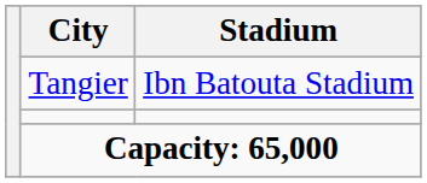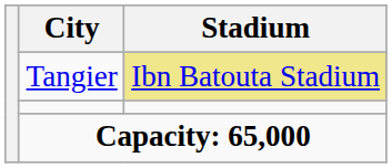 <table class="wikitable" style="text-align:center">
 <tr>
 <th rowspan="4"></th>
 <th>City</th>
 <th>Stadium</th>
 </tr>
 <tr>
 <td><a href='#'>Tangier</a></td>
-<td><a href='#'>Ibn Batouta Stadium</a></td>
+<td style="background: khaki;"><a href='#'>Ibn Batouta Stadium</a></td>
 </tr>
 <tr>
 <td></td>
 <td></td>
 </tr>
 <tr>
 <td colspan="2"><strong>Capacity: 65,000</strong></td>
 </tr>
 </table>
